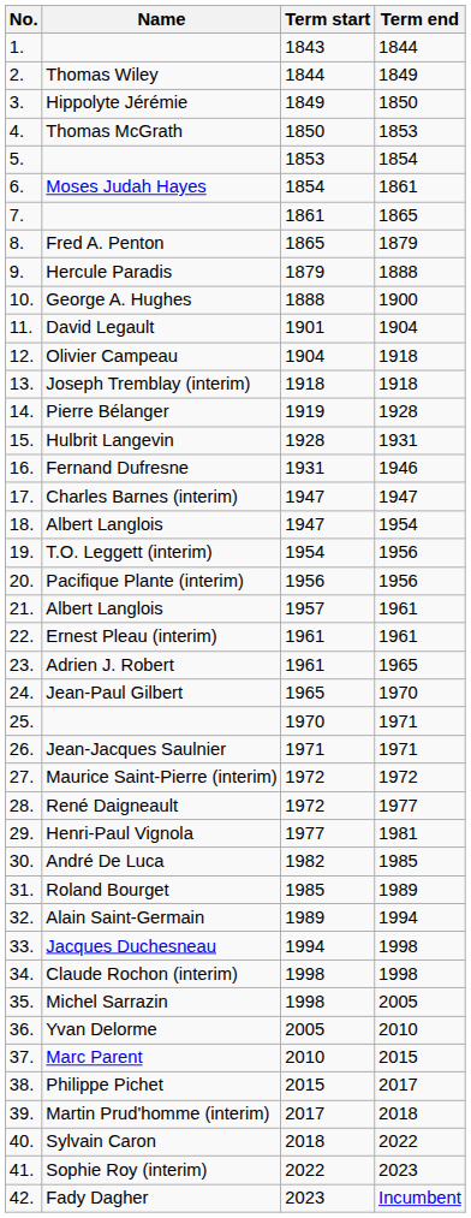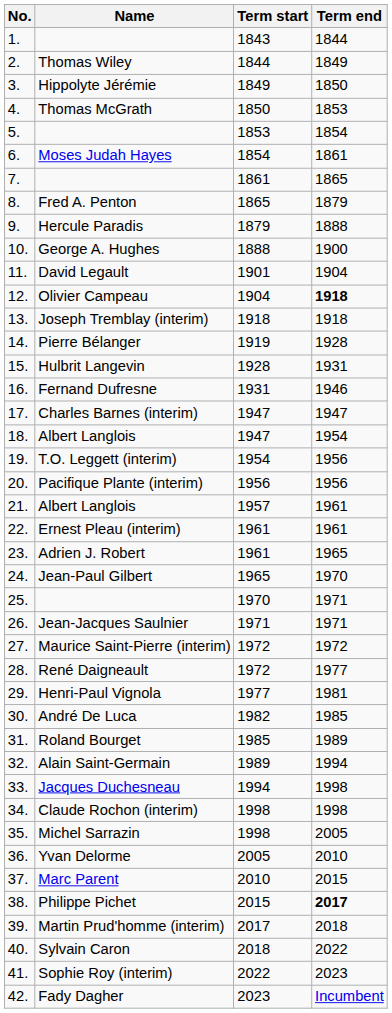 <table class="wikitable sortable">
 <tr>
 <th>No.</th>
 <th>Name</th>
 <th>Term start</th>
 <th>Term end</th>
 </tr>
 <tr>
 <td>1.</td>
 <td></td>
 <td>1843</td>
 <td>1844</td>
 </tr>
 <tr>
 <td>2.</td>
 <td>Thomas Wiley</td>
 <td>1844</td>
 <td>1849</td>
 </tr>
 <tr>
 <td>3.</td>
 <td>Hippolyte Jérémie</td>
 <td>1849</td>
 <td>1850</td>
 </tr>
 <tr>
 <td>4.</td>
 <td>Thomas McGrath</td>
 <td>1850</td>
 <td>1853</td>
 </tr>
 <tr>
 <td>5.</td>
 <td></td>
 <td>1853</td>
 <td>1854</td>
 </tr>
 <tr>
 <td>6.</td>
 <td><a href='#'>Moses Judah Hayes</a></td>
 <td>1854</td>
 <td>1861</td>
 </tr>
 <tr>
 <td>7.</td>
 <td></td>
 <td>1861</td>
 <td>1865</td>
 </tr>
 <tr>
 <td>8.</td>
 <td>Fred A. Penton</td>
 <td>1865</td>
 <td>1879</td>
 </tr>
 <tr>
 <td>9.</td>
 <td>Hercule Paradis</td>
 <td>1879</td>
 <td>1888</td>
 </tr>
 <tr>
 <td>10.</td>
 <td>George A. Hughes</td>
 <td>1888</td>
 <td>1900</td>
 </tr>
 <tr>
 <td>11.</td>
 <td>David Legault</td>
 <td>1901</td>
 <td>1904</td>
 </tr>
 <tr>
 <td>12.</td>
 <td>Olivier Campeau</td>
 <td>1904</td>
-<td>1918</td>
+<td><strong>1918</strong></td>
 </tr>
 <tr>
 <td>13.</td>
 <td>Joseph Tremblay (interim)</td>
 <td>1918</td>
 <td>1918</td>
 </tr>
 <tr>
 <td>14.</td>
 <td>Pierre Bélanger</td>
 <td>1919</td>
 <td>1928</td>
 </tr>
 <tr>
 <td>15.</td>
 <td>Hulbrit Langevin</td>
 <td>1928</td>
 <td>1931</td>
 </tr>
 <tr>
 <td>16.</td>
 <td>Fernand Dufresne</td>
 <td>1931</td>
 <td>1946</td>
 </tr>
 <tr>
 <td>17.</td>
 <td>Charles Barnes (interim)</td>
 <td>1947</td>
 <td>1947</td>
 </tr>
 <tr>
 <td>18.</td>
 <td>Albert Langlois</td>
 <td>1947</td>
 <td>1954</td>
 </tr>
 <tr>
 <td>19.</td>
 <td>T.O. Leggett (interim)</td>
 <td>1954</td>
 <td>1956</td>
 </tr>
 <tr>
 <td>20.</td>
 <td>Pacifique Plante (interim)</td>
 <td>1956</td>
 <td>1956</td>
 </tr>
 <tr>
 <td>21.</td>
 <td>Albert Langlois</td>
 <td>1957</td>
 <td>1961</td>
 </tr>
 <tr>
 <td>22.</td>
 <td>Ernest Pleau (interim)</td>
 <td>1961</td>
 <td>1961</td>
 </tr>
 <tr>
 <td>23.</td>
 <td>Adrien J. Robert</td>
 <td>1961</td>
 <td>1965</td>
 </tr>
 <tr>
 <td>24.</td>
 <td>Jean-Paul Gilbert</td>
 <td>1965</td>
 <td>1970</td>
 </tr>
 <tr>
 <td>25.</td>
 <td></td>
 <td>1970</td>
 <td>1971</td>
 </tr>
 <tr>
 <td>26.</td>
 <td>Jean-Jacques Saulnier</td>
 <td>1971</td>
 <td>1971</td>
 </tr>
 <tr>
 <td>27.</td>
 <td>Maurice Saint-Pierre (interim)</td>
 <td>1972</td>
 <td>1972</td>
 </tr>
 <tr>
 <td>28.</td>
 <td>René Daigneault</td>
 <td>1972</td>
 <td>1977</td>
 </tr>
 <tr>
 <td>29.</td>
 <td>Henri-Paul Vignola</td>
 <td>1977</td>
 <td>1981</td>
 </tr>
 <tr>
 <td>30.</td>
 <td>André De Luca</td>
 <td>1982</td>
 <td>1985</td>
 </tr>
 <tr>
 <td>31.</td>
 <td>Roland Bourget</td>
 <td>1985</td>
 <td>1989</td>
 </tr>
 <tr>
 <td>32.</td>
 <td>Alain Saint-Germain</td>
 <td>1989</td>
 <td>1994</td>
 </tr>
 <tr>
 <td>33.</td>
 <td><a href='#'>Jacques Duchesneau</a></td>
 <td>1994</td>
 <td>1998</td>
 </tr>
 <tr>
 <td>34.</td>
 <td>Claude Rochon (interim)</td>
 <td>1998</td>
 <td>1998</td>
 </tr>
 <tr>
 <td>35.</td>
 <td>Michel Sarrazin</td>
 <td>1998</td>
 <td>2005</td>
 </tr>
 <tr>
 <td>36.</td>
 <td>Yvan Delorme</td>
 <td>2005</td>
 <td>2010</td>
 </tr>
 <tr>
 <td>37.</td>
 <td><a href='#'>Marc Parent</a></td>
 <td>2010</td>
 <td>2015</td>
 </tr>
 <tr>
 <td>38.</td>
 <td>Philippe Pichet</td>
 <td>2015</td>
-<td>2017</td>
+<td><strong>2017</strong></td>
 </tr>
 <tr>
 <td>39.</td>
 <td>Martin Prud'homme (interim)</td>
 <td>2017</td>
 <td>2018</td>
 </tr>
 <tr>
 <td>40.</td>
 <td>Sylvain Caron</td>
 <td>2018</td>
 <td>2022</td>
 </tr>
 <tr>
 <td>41.</td>
 <td>Sophie Roy (interim)</td>
 <td>2022</td>
 <td>2023</td>
 </tr>
 <tr>
 <td>42.</td>
 <td>Fady Dagher</td>
 <td>2023</td>
 <td><a href='#'>Incumbent</a></td>
 </tr>
 </table>
